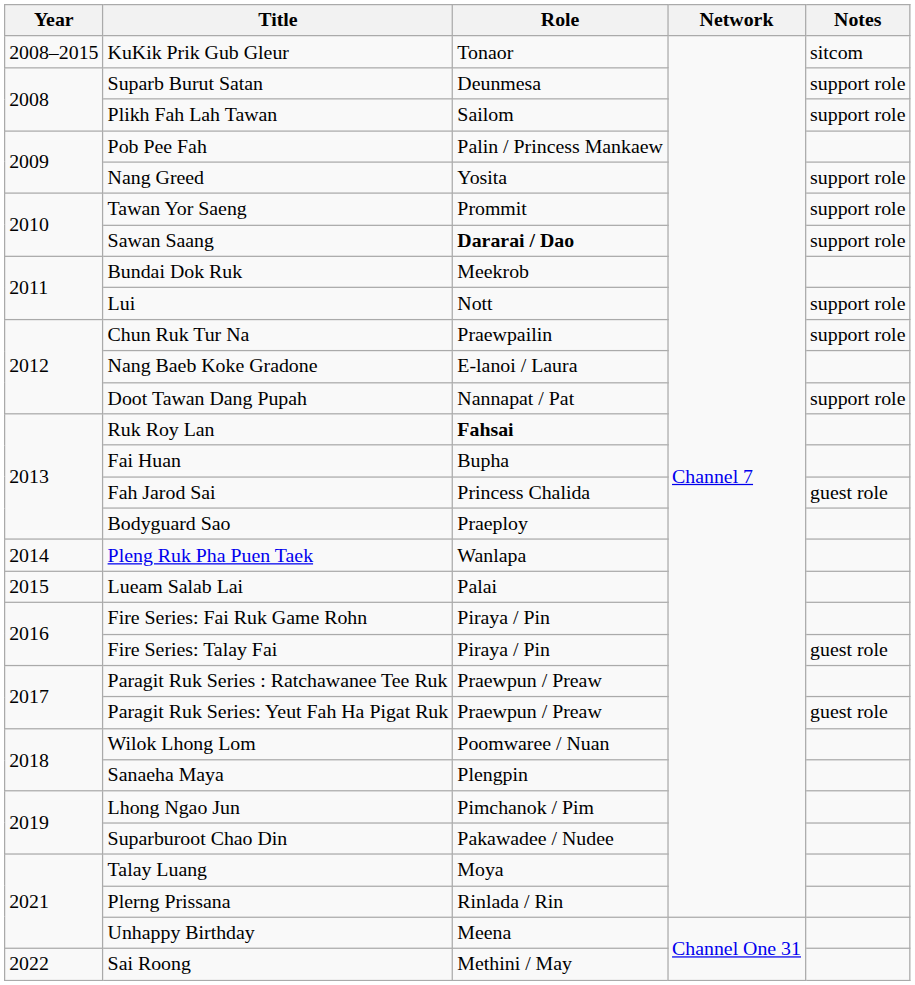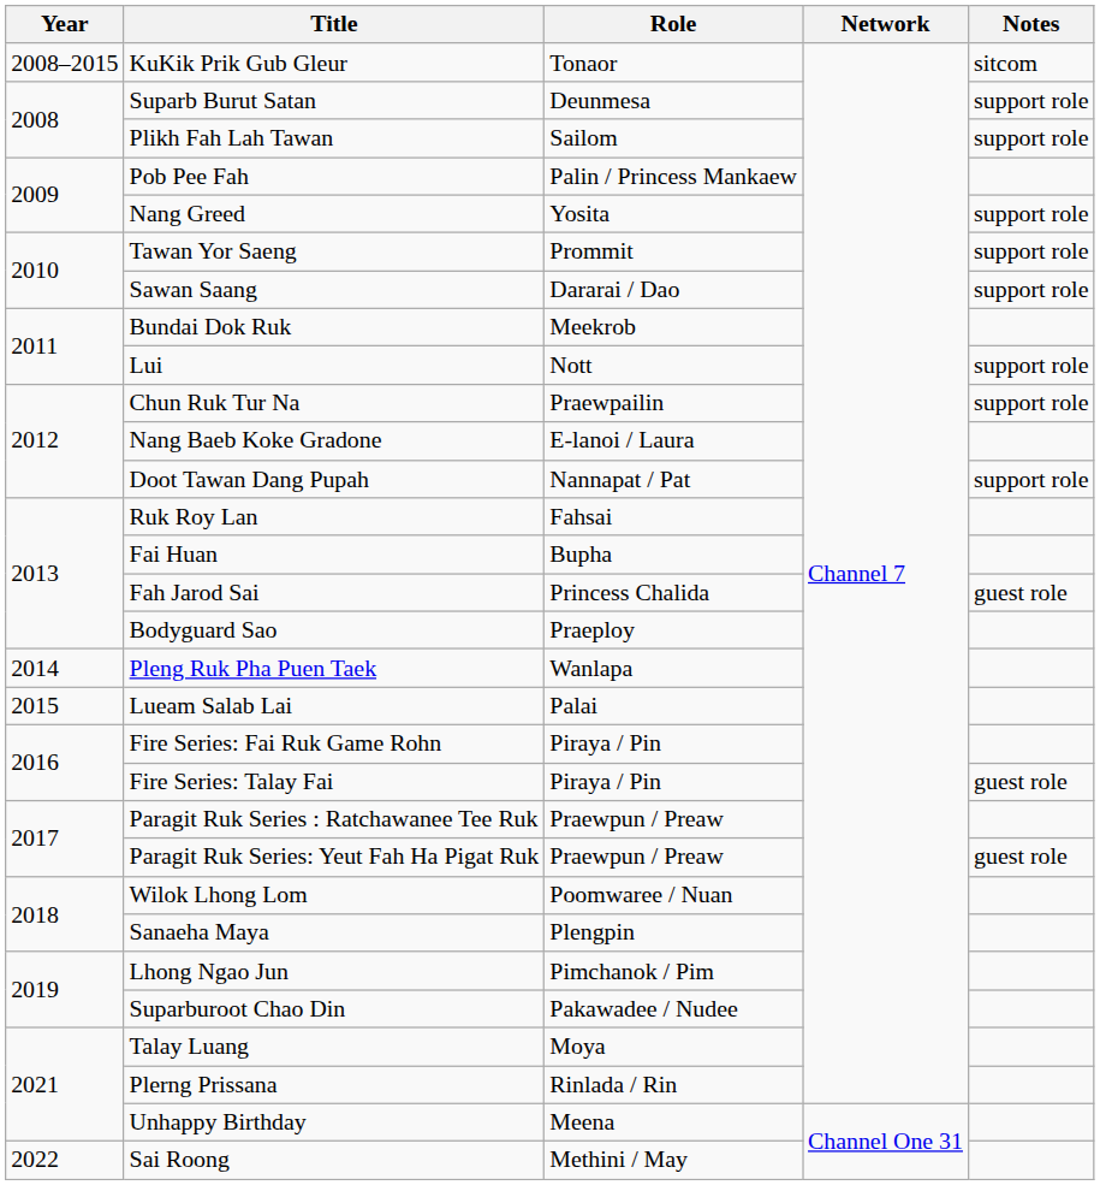 <table class="wikitable sortable">
 <tr>
 <th>Year</th>
 <th>Title</th>
 <th>Role</th>
 <th>Network</th>
 <th class="unsortable">Notes</th>
 </tr>
 <tr>
 <td>2008–2015</td>
 <td>KuKik Prik Gub Gleur</td>
 <td>Tonaor</td>
 <td rowspan = "28"><a href='#'>Channel 7</a></td>
 <td>sitcom</td>
 </tr>
 <tr>
 <td rowspan = "2">2008</td>
 <td>Suparb Burut Satan</td>
 <td>Deunmesa</td>
 <td>support role</td>
 </tr>
 <tr>
 <td>Plikh Fah Lah Tawan </td>
 <td>Sailom</td>
 <td>support role</td>
 </tr>
 <tr>
 <td rowspan = "2">2009</td>
 <td>Pob Pee Fah </td>
 <td>Palin / Princess Mankaew</td>
 <td></td>
 </tr>
 <tr>
 <td>Nang Greed</td>
 <td>Yosita</td>
 <td>support role</td>
 </tr>
 <tr>
 <td rowspan = "2">2010</td>
 <td>Tawan Yor Saeng</td>
 <td>Prommit</td>
 <td>support role</td>
 </tr>
 <tr>
 <td>Sawan Saang</td>
-<td><strong>Dararai / Dao</strong></td>
+<td>Dararai / Dao</td>
 <td>support role</td>
 </tr>
 <tr>
 <td rowspan = "2">2011</td>
 <td>Bundai Dok Ruk </td>
 <td>Meekrob</td>
 <td></td>
 </tr>
 <tr>
 <td>Lui</td>
 <td>Nott</td>
 <td>support role</td>
 </tr>
 <tr>
 <td rowspan = "3">2012</td>
 <td>Chun Ruk Tur Na</td>
 <td>Praewpailin</td>
 <td>support role</td>
 </tr>
 <tr>
 <td>Nang Baeb Koke Gradone </td>
 <td>E-lanoi / Laura</td>
 <td></td>
 </tr>
 <tr>
 <td>Doot Tawan Dang Pupah</td>
 <td>Nannapat / Pat</td>
 <td>support role</td>
 </tr>
 <tr>
 <td rowspan = "4">2013</td>
 <td>Ruk Roy Lan </td>
-<td><strong>Fahsai</strong></td>
+<td>Fahsai</td>
 <td></td>
 </tr>
 <tr>
 <td>Fai Huan </td>
 <td>Bupha</td>
 <td></td>
 </tr>
 <tr>
 <td>Fah Jarod Sai</td>
 <td>Princess Chalida</td>
 <td>guest role</td>
 </tr>
 <tr>
 <td>Bodyguard Sao </td>
 <td>Praeploy</td>
 <td></td>
 </tr>
 <tr>
 <td>2014</td>
 <td><a href='#'>Pleng Ruk Pha Puen Taek</a></td>
 <td>Wanlapa</td>
 <td></td>
 </tr>
 <tr>
 <td>2015</td>
 <td>Lueam Salab Lai</td>
 <td>Palai</td>
 <td></td>
 </tr>
 <tr>
 <td rowspan = "2">2016</td>
 <td>Fire Series: Fai Ruk Game Rohn</td>
 <td>Piraya / Pin</td>
 <td></td>
 </tr>
 <tr>
 <td>Fire Series: Talay Fai</td>
 <td>Piraya / Pin</td>
 <td>guest role</td>
 </tr>
 <tr>
 <td rowspan = "2">2017</td>
 <td>Paragit Ruk Series : Ratchawanee Tee Ruk</td>
 <td>Praewpun / Preaw</td>
 <td></td>
 </tr>
 <tr>
 <td>Paragit Ruk Series: Yeut Fah Ha Pigat Ruk</td>
 <td>Praewpun / Preaw</td>
 <td>guest role</td>
 </tr>
 <tr>
 <td rowspan = "2">2018</td>
 <td>Wilok Lhong Lom</td>
 <td>Poomwaree / Nuan</td>
 <td></td>
 </tr>
 <tr>
 <td>Sanaeha Maya</td>
 <td>Plengpin</td>
 <td></td>
 </tr>
 <tr>
 <td rowspan = "2">2019</td>
 <td>Lhong Ngao Jun </td>
 <td>Pimchanok / Pim</td>
 <td></td>
 </tr>
 <tr>
 <td>Suparburoot Chao Din</td>
 <td>Pakawadee / Nudee</td>
 <td></td>
 </tr>
 <tr>
 <td rowspan = "3">2021</td>
 <td>Talay Luang</td>
 <td>Moya</td>
 <td></td>
 </tr>
 <tr>
 <td>Plerng Prissana </td>
 <td>Rinlada / Rin</td>
 <td></td>
 </tr>
 <tr>
 <td>Unhappy Birthday </td>
 <td>Meena</td>
 <td rowspan = 2><a href='#'>Channel One 31</a></td>
 <td></td>
 </tr>
 <tr>
 <td>2022</td>
 <td>Sai Roong </td>
 <td>Methini / May</td>
 <td></td>
 </tr>
 </table>
